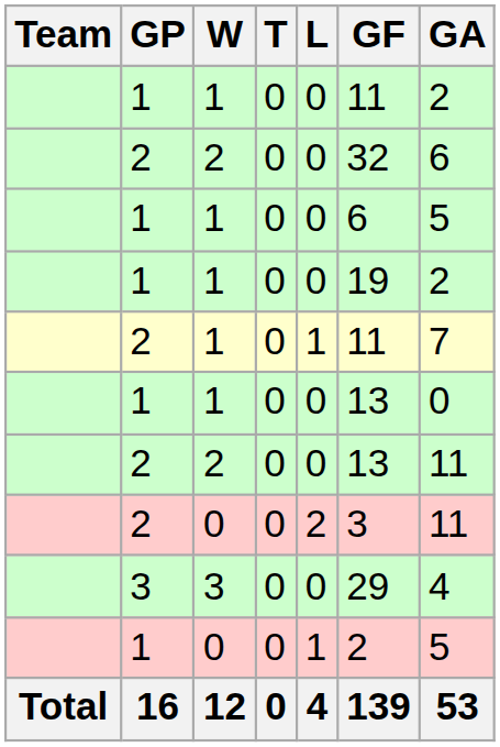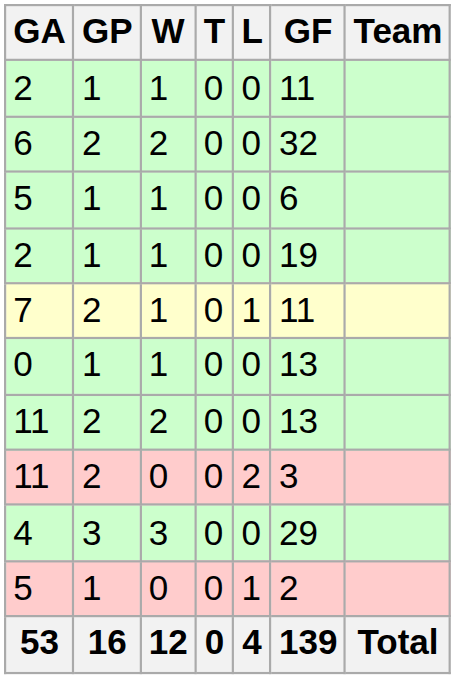 <table class="wikitable sortable">
 <tr>
-<th>Team</th>
+<th>GA</th>
 <th>GP</th>
 <th>W</th>
 <th>T</th>
 <th>L</th>
 <th>GF</th>
-<th>GA</th>
+<th>Team</th>
 </tr>
 <tr bgcolor=#CCFFCC>
-<td align=left></td>
+<td>2</td>
 <td>1</td>
 <td>1</td>
 <td>0</td>
 <td>0</td>
 <td>11</td>
-<td>2</td>
+<td align=left></td>
 </tr>
 <tr bgcolor=#CCFFCC>
-<td align=left></td>
+<td>6</td>
 <td>2</td>
 <td>2</td>
 <td>0</td>
 <td>0</td>
 <td>32</td>
-<td>6</td>
+<td align=left></td>
 </tr>
 <tr bgcolor=#CCFFCC>
-<td align=left></td>
+<td>5</td>
 <td>1</td>
 <td>1</td>
 <td>0</td>
 <td>0</td>
 <td>6</td>
-<td>5</td>
+<td align=left></td>
 </tr>
 <tr bgcolor=#CCFFCC>
-<td align=left></td>
+<td>2</td>
 <td>1</td>
 <td>1</td>
 <td>0</td>
 <td>0</td>
 <td>19</td>
-<td>2</td>
+<td align=left></td>
 </tr>
 <tr bgcolor=#FFFFCC>
-<td align=left></td>
+<td>7</td>
 <td>2</td>
 <td>1</td>
 <td>0</td>
 <td>1</td>
 <td>11</td>
-<td>7</td>
+<td align=left></td>
 </tr>
 <tr bgcolor=#CCFFCC>
-<td align=left></td>
+<td>0</td>
 <td>1</td>
 <td>1</td>
 <td>0</td>
 <td>0</td>
 <td>13</td>
-<td>0</td>
+<td align=left></td>
 </tr>
 <tr bgcolor=#CCFFCC>
-<td align=left></td>
+<td>11</td>
 <td>2</td>
 <td>2</td>
 <td>0</td>
 <td>0</td>
 <td>13</td>
-<td>11</td>
+<td align=left></td>
 </tr>
 <tr bgcolor=#FFCCCC>
-<td align=left></td>
+<td>11</td>
 <td>2</td>
 <td>0</td>
 <td>0</td>
 <td>2</td>
 <td>3</td>
-<td>11</td>
+<td align=left></td>
 </tr>
 <tr bgcolor=#CCFFCC>
-<td align=left></td>
+<td>4</td>
 <td>3</td>
 <td>3</td>
 <td>0</td>
 <td>0</td>
 <td>29</td>
-<td>4</td>
+<td align=left></td>
 </tr>
 <tr bgcolor=#FFCCCC>
-<td align=left></td>
+<td>5</td>
 <td>1</td>
 <td>0</td>
 <td>0</td>
 <td>1</td>
 <td>2</td>
-<td>5</td>
+<td align=left></td>
 </tr>
 <tr>
-<th>Total</th>
+<th>53</th>
 <th>16</th>
 <th>12</th>
 <th>0</th>
 <th>4</th>
 <th>139</th>
-<th>53</th>
+<th>Total</th>
 </tr>
 </table>
